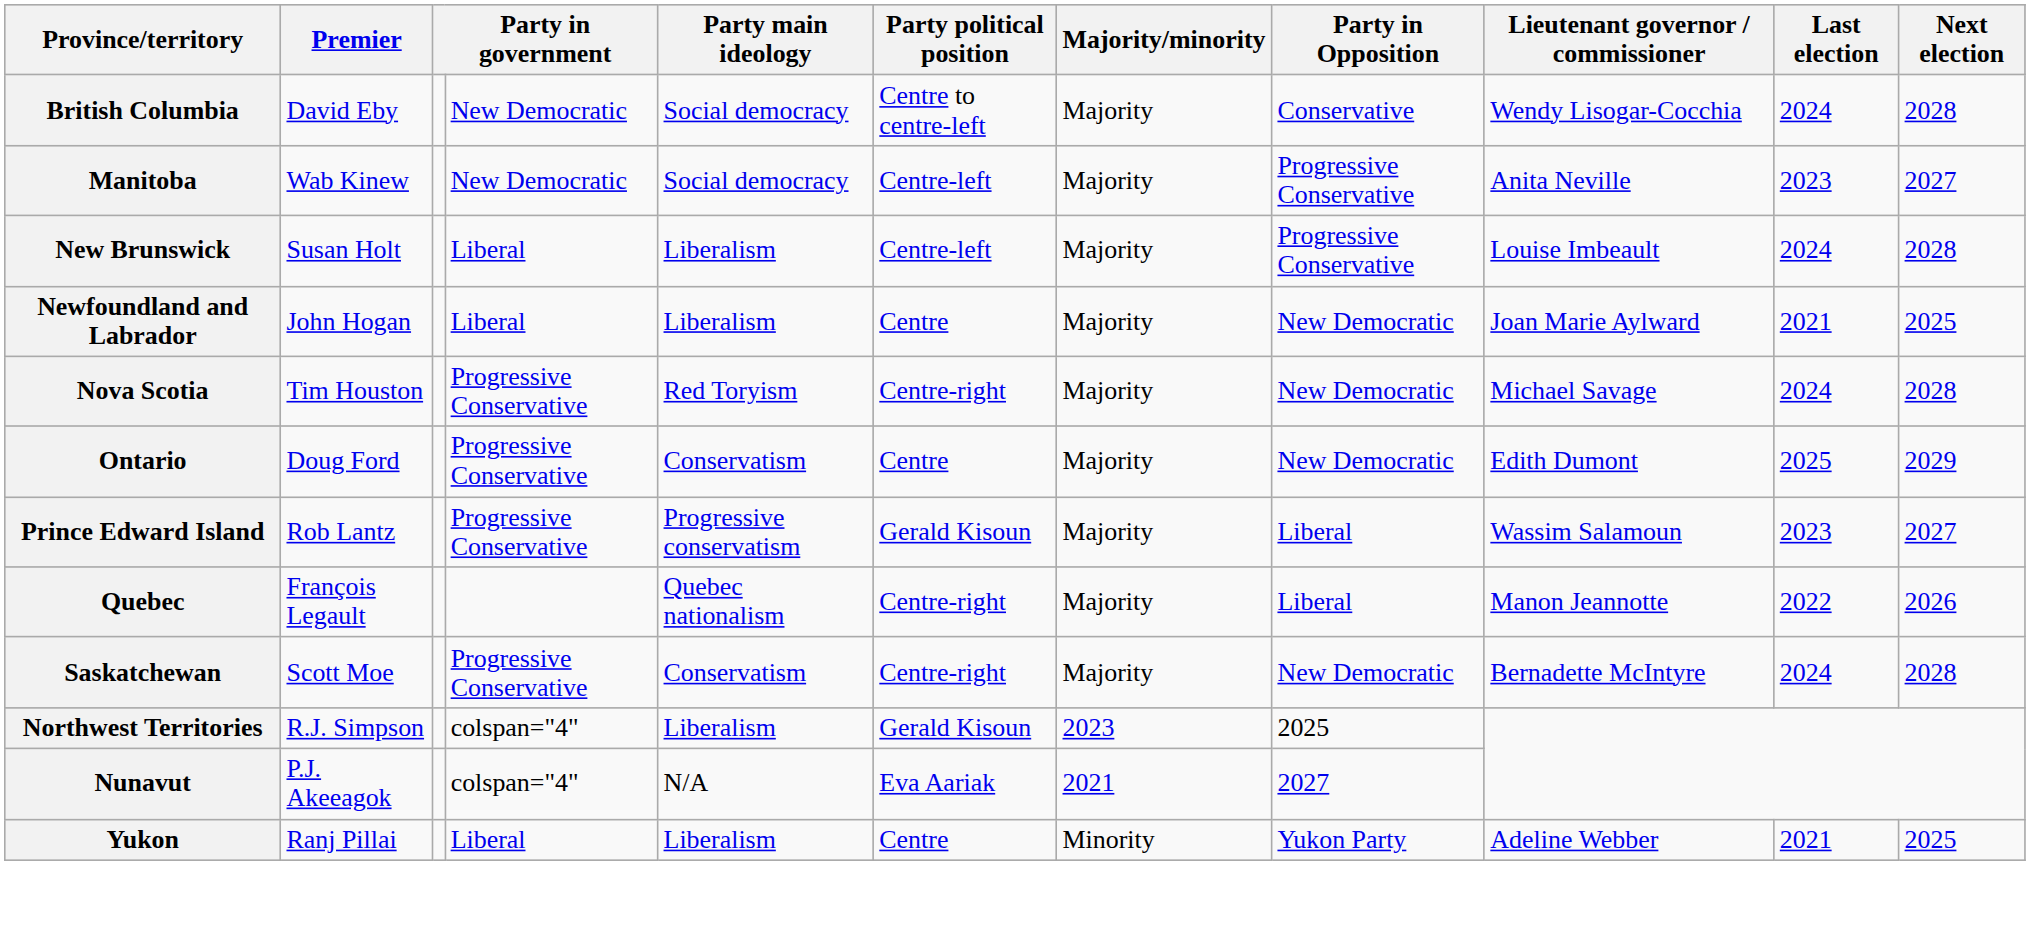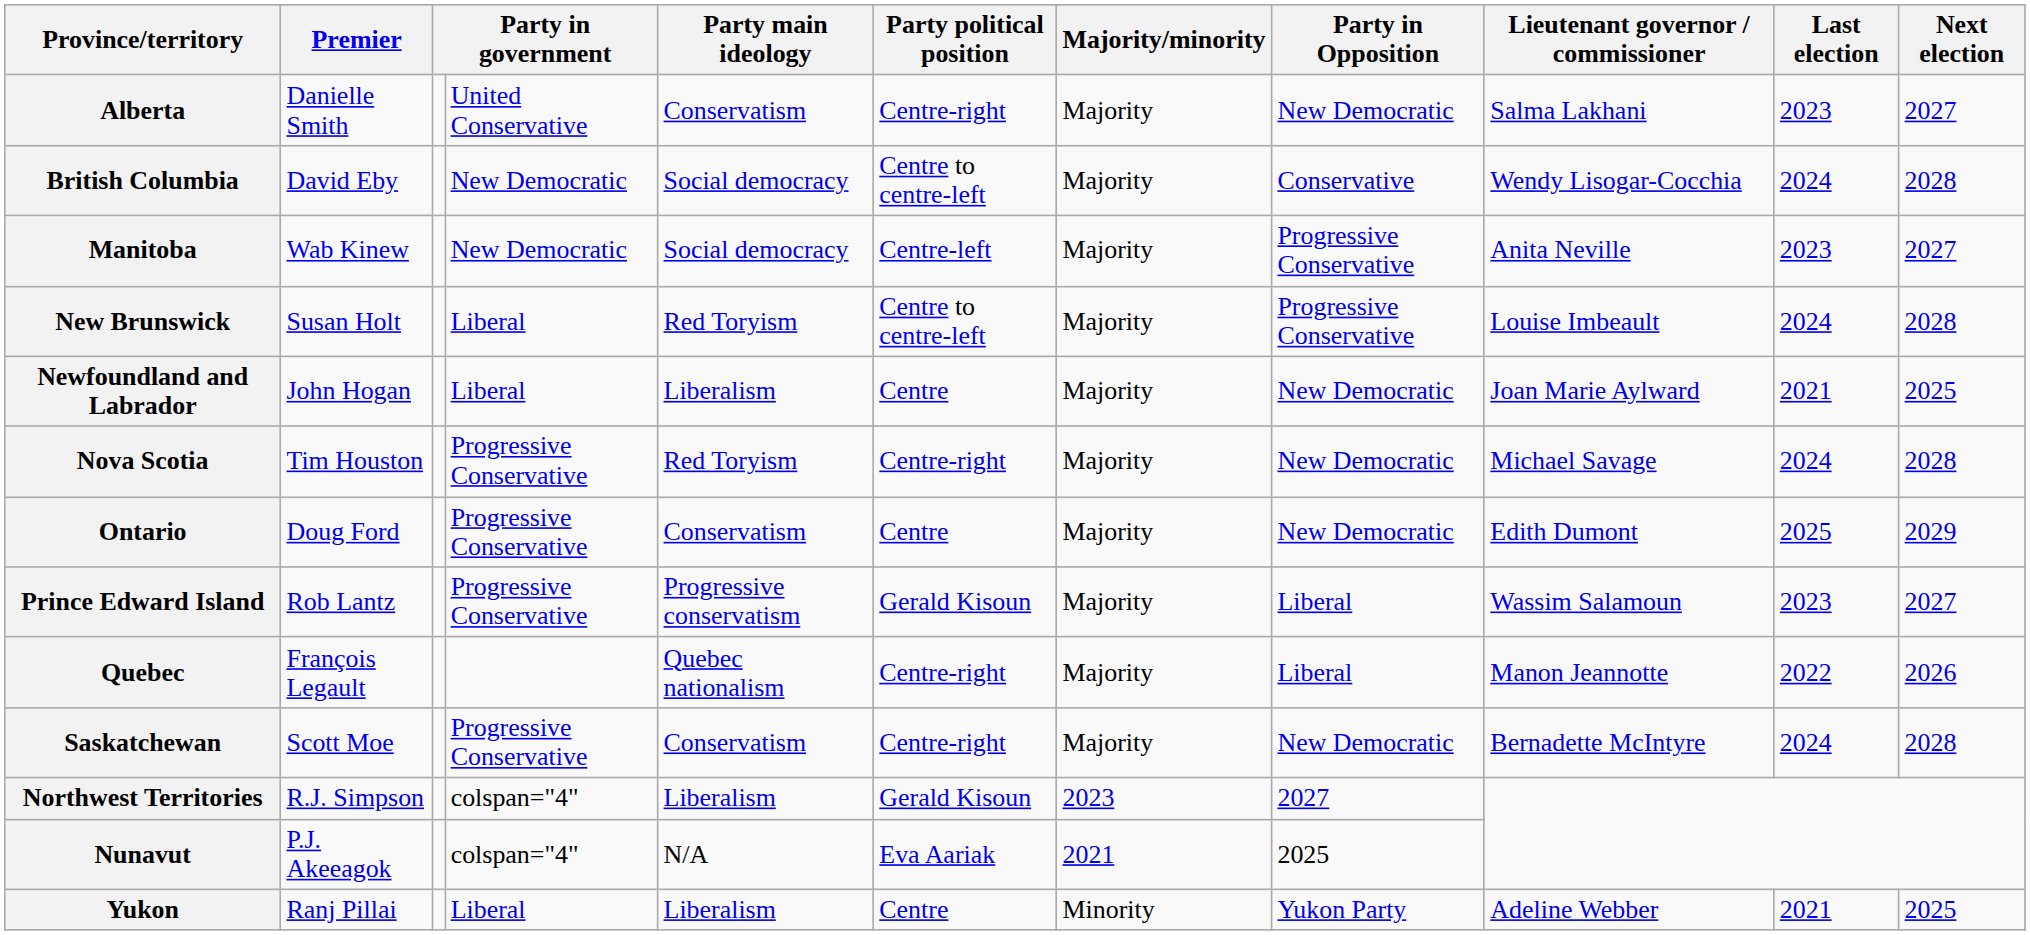 <table class="wikitable sortable plainrowheaders">
 <tr>
 <th scope="col">Province/territory</th>
 <th scope="col"><a href='#'>Premier</a></th>
 <th scope="col" colspan="2">Party in government</th>
 <th scope="col">Party main ideology</th>
 <th scope="col">Party political position</th>
 <th scope="col">Majority/minority</th>
 <th>Party in Opposition</th>
 <th scope="col">Lieutenant governor / commissioner</th>
 <th scope="col">Last election</th>
 <th>Next election</th>
+</tr>
+<tr>
+<th scope="row">Alberta</th>
+<td><a href='#'>Danielle Smith</a></td>
+<td></td>
+<td><a href='#'>United Conservative</a></td>
+<td><a href='#'>Conservatism</a> </td>
+<td><a href='#'>Centre-right</a> </td>
+<td>Majority</td>
+<td><a href='#'>New Democratic</a></td>
+<td><a href='#'>Salma Lakhani</a></td>
+<td data-sort-value="2023-05-29"><a href='#'>2023</a></td>
+<td data-sort-value="2027-05-31"><a href='#'>2027</a></td>
 </tr>
 <tr>
 <th scope="row">British Columbia</th>
 <td><a href='#'>David Eby</a></td>
 <td></td>
 <td><a href='#'>New Democratic</a></td>
 <td><a href='#'>Social democracy</a></td>
 <td><a href='#'>Centre</a> to <a href='#'>centre-left</a></td>
 <td>Majority</td>
 <td><a href='#'>Conservative</a></td>
 <td><a href='#'>Wendy Lisogar-Cocchia</a></td>
 <td data-sort-value="2024-10-19"><a href='#'>2024</a></td>
 <td data-sort-value="2028-10-19"><a href='#'>2028</a></td>
 </tr>
 <tr>
 <th scope="row">Manitoba</th>
 <td><a href='#'>Wab Kinew</a></td>
 <td></td>
 <td><a href='#'>New Democratic</a></td>
 <td><a href='#'>Social democracy</a></td>
 <td><a href='#'>Centre-left</a></td>
 <td>Majority</td>
 <td><a href='#'>Progressive Conservative</a></td>
 <td><a href='#'>Anita Neville</a></td>
 <td data-sort-value="2023-10-03"><a href='#'>2023</a></td>
 <td data-sort-value="2027-10-05"><a href='#'>2027</a></td>
 </tr>
 <tr>
 <th scope="row">New Brunswick</th>
 <td><a href='#'>Susan Holt</a></td>
 <td></td>
 <td><a href='#'>Liberal</a></td>
-<td><a href='#'>Liberalism</a> </td>
-<td><a href='#'>Centre-left</a></td>
+<td><a href='#'>Red Toryism</a></td>
+<td><a href='#'>Centre</a> to <a href='#'>centre-left</a></td>
 <td>Majority</td>
 <td><a href='#'>Progressive Conservative</a></td>
 <td><a href='#'>Louise Imbeault</a></td>
 <td data-sort-value="2024-10-22"><a href='#'>2024</a></td>
 <td data-sort-value="2028-10-21"><a href='#'>2028</a></td>
 </tr>
 <tr>
 <th scope="row">Newfoundland and Labrador</th>
 <td><a href='#'>John Hogan</a></td>
 <td></td>
 <td><a href='#'>Liberal</a></td>
 <td><a href='#'>Liberalism</a> </td>
 <td><a href='#'>Centre</a></td>
 <td>Majority</td>
 <td><a href='#'>New Democratic</a></td>
 <td><a href='#'>Joan Marie Aylward</a></td>
 <td data-sort-value="2021-03-25"><a href='#'>2021</a></td>
 <td data-sort-value="2025-10-14"><a href='#'>2025</a></td>
 </tr>
 <tr>
 <th scope="row">Nova Scotia</th>
 <td><a href='#'>Tim Houston</a></td>
 <td></td>
 <td><a href='#'>Progressive Conservative</a></td>
 <td><a href='#'>Red Toryism</a></td>
 <td><a href='#'>Centre-right</a></td>
 <td>Majority</td>
 <td><a href='#'>New Democratic</a></td>
 <td><a href='#'>Michael Savage</a></td>
 <td data-sort-value="2021-08-17"><a href='#'>2024</a></td>
 <td data-sort-value="2025-07-15"><a href='#'>2028</a></td>
 </tr>
 <tr>
 <th scope="row">Ontario</th>
 <td><a href='#'>Doug Ford</a></td>
 <td></td>
 <td><a href='#'>Progressive Conservative</a></td>
 <td><a href='#'>Conservatism</a> </td>
 <td><a href='#'>Centre</a> </td>
 <td>Majority</td>
 <td><a href='#'>New Democratic</a></td>
 <td><a href='#'>Edith Dumont</a></td>
 <td data-sort-value="2025-02-27"><a href='#'>2025</a></td>
 <td data-sort-value="2029-06-07"><a href='#'>2029</a></td>
 </tr>
 <tr>
 <th scope="row">Prince Edward Island</th>
 <td><a href='#'>Rob Lantz</a></td>
 <td></td>
 <td><a href='#'>Progressive Conservative</a></td>
 <td><a href='#'>Progressive conservatism</a></td>
 <td><a href='#'>Gerald Kisoun</a></td>
 <td>Majority</td>
 <td><a href='#'>Liberal</a></td>
 <td><a href='#'>Wassim Salamoun</a></td>
 <td data-sort-value="2023-10-02"><a href='#'>2023</a></td>
 <td data-sort-value="2027-10-04"><a href='#'>2027</a></td>
 </tr>
 <tr>
 <th scope="row">Quebec</th>
 <td><a href='#'>François Legault</a></td>
 <td></td>
 <td></td>
 <td><a href='#'>Quebec nationalism</a></td>
 <td><a href='#'>Centre-right</a></td>
 <td>Majority</td>
 <td><a href='#'>Liberal</a></td>
 <td><a href='#'>Manon Jeannotte</a></td>
 <td data-sort-value="2022-10-03"><a href='#'>2022</a></td>
 <td data-sort-value="2026-10-05"><a href='#'>2026</a></td>
 </tr>
 <tr>
 <th scope="row">Saskatchewan</th>
 <td><a href='#'>Scott Moe</a></td>
 <td></td>
 <td><a href='#'>Progressive Conservative</a></td>
 <td><a href='#'>Conservatism</a> </td>
 <td><a href='#'>Centre-right</a> </td>
 <td>Majority</td>
 <td><a href='#'>New Democratic</a></td>
 <td><a href='#'>Bernadette McIntyre</a></td>
 <td data-sort-value="2020-10-26"><a href='#'>2024</a></td>
 <td data-sort-value="2024-10-28"><a href='#'>2028</a></td>
 </tr>
 <tr>
 <th scope="row">Northwest Territories</th>
 <td><a href='#'>R.J. Simpson</a></td>
 <td></td>
 <td>colspan="4" </td>
 <td><a href='#'>Liberalism</a> </td>
 <td><a href='#'>Gerald Kisoun</a></td>
 <td data-sort-value="2023-11-14"><a href='#'>2023</a></td>
-<td data-sort-value="2025-10-27">2025</td>
+<td data-sort-value="2027-10-05"><a href='#'>2027</a></td>
 </tr>
 <tr>
 <th scope="row">Nunavut</th>
 <td><a href='#'>P.J. Akeeagok</a></td>
 <td></td>
 <td>colspan="4" </td>
 <td>N/A</td>
 <td><a href='#'>Eva Aariak</a></td>
 <td data-sort-value="2021-10-25"><a href='#'>2021</a></td>
-<td data-sort-value="2027-10-05"><a href='#'>2027</a></td>
+<td data-sort-value="2025-10-27">2025</td>
 </tr>
 <tr>
 <th scope="row">Yukon</th>
 <td><a href='#'>Ranj Pillai</a></td>
 <td></td>
 <td><a href='#'>Liberal</a></td>
 <td><a href='#'>Liberalism</a> </td>
 <td><a href='#'>Centre</a></td>
 <td>Minority</td>
 <td><a href='#'>Yukon Party</a></td>
 <td><a href='#'>Adeline Webber</a></td>
 <td data-sort-value="2021-04-12"><a href='#'>2021</a></td>
 <td data-sort-value="2025-11-03"><a href='#'>2025</a></td>
 </tr>
 </table>
